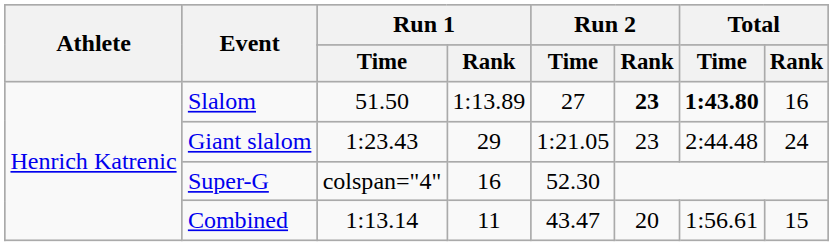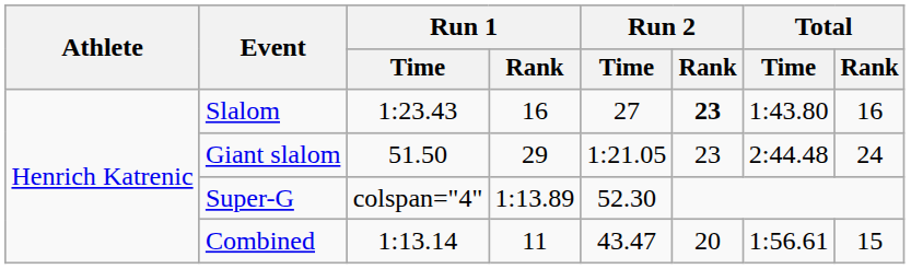 <table class="wikitable" style="font-size:90%">
 <tr>
 <th rowspan=2>Athlete</th>
 <th rowspan=2>Event</th>
 <th colspan=2>Run 1</th>
 <th colspan=2>Run 2</th>
 <th colspan=2>Total</th>
 </tr>
 <tr style="font-size:95%">
 <th>Time</th>
 <th>Rank</th>
 <th>Time</th>
 <th>Rank</th>
 <th>Time</th>
 <th>Rank</th>
 </tr>
 <tr align=center>
 <td align="left" rowspan="4"><a href='#'>Henrich Katrenic</a></td>
 <td align="left"><a href='#'>Slalom</a></td>
-<td>51.50</td>
-<td>1:13.89</td>
+<td>1:23.43</td>
+<td>16</td>
 <td>27</td>
 <td><strong>23</strong></td>
-<td><strong>1:43.80</strong></td>
+<td>1:43.80</td>
 <td>16</td>
 </tr>
 <tr align=center>
 <td align="left"><a href='#'>Giant slalom</a></td>
-<td>1:23.43</td>
+<td>51.50</td>
 <td>29</td>
 <td>1:21.05</td>
 <td>23</td>
 <td>2:44.48</td>
 <td>24</td>
 </tr>
 <tr align=center>
 <td align="left"><a href='#'>Super-G</a></td>
 <td>colspan="4" </td>
-<td>16</td>
+<td>1:13.89</td>
 <td>52.30</td>
 </tr>
 <tr align=center>
 <td align="left"><a href='#'>Combined</a></td>
 <td>1:13.14</td>
 <td>11</td>
 <td>43.47</td>
 <td>20</td>
 <td>1:56.61</td>
 <td>15</td>
 </tr>
 </table>
